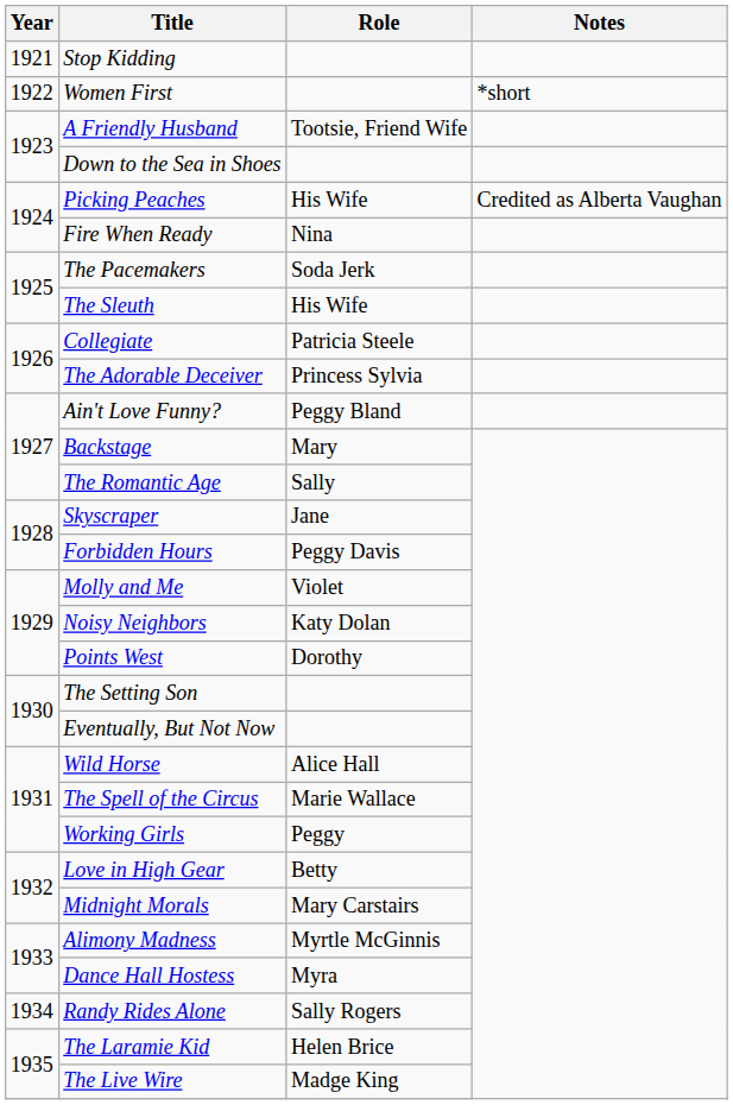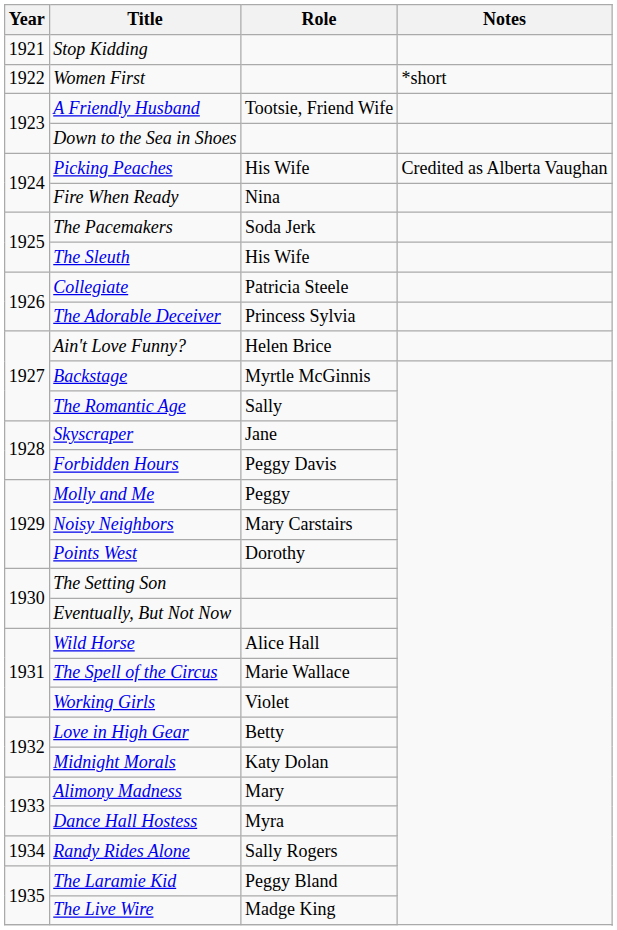 <table class="wikitable" style="font-size: 90%;">
 <tr>
 <th>Year</th>
 <th>Title</th>
 <th>Role</th>
 <th>Notes</th>
 </tr>
 <tr>
 <td>1921</td>
 <td><em>Stop Kidding</em></td>
 <td></td>
 <td></td>
 </tr>
 <tr>
 <td>1922</td>
 <td><em>Women First</em></td>
 <td></td>
 <td>*short</td>
 </tr>
 <tr>
 <td rowspan=2>1923</td>
 <td><em><a href='#'>A Friendly Husband</a></em></td>
 <td>Tootsie, Friend Wife</td>
 <td></td>
 </tr>
 <tr>
 <td><em>Down to the Sea in Shoes</em></td>
 <td></td>
 <td></td>
 </tr>
 <tr>
 <td rowspan=2>1924</td>
 <td><em><a href='#'>Picking Peaches</a></em></td>
 <td>His Wife</td>
 <td>Credited as Alberta Vaughan</td>
 </tr>
 <tr>
 <td><em>Fire When Ready</em></td>
 <td>Nina</td>
 <td></td>
 </tr>
 <tr>
 <td rowspan=2>1925</td>
 <td><em>The Pacemakers</em></td>
 <td>Soda Jerk</td>
 <td></td>
 </tr>
 <tr>
 <td><em><a href='#'>The Sleuth</a></em></td>
 <td>His Wife</td>
 <td></td>
 </tr>
 <tr>
 <td rowspan=2>1926</td>
 <td><em><a href='#'>Collegiate</a></em></td>
 <td>Patricia Steele</td>
 <td></td>
 </tr>
 <tr>
 <td><em><a href='#'>The Adorable Deceiver</a></em></td>
 <td>Princess Sylvia</td>
 <td></td>
 </tr>
 <tr>
 <td rowspan=3>1927</td>
 <td><em>Ain't Love Funny?</em></td>
-<td>Peggy Bland</td>
+<td>Helen Brice</td>
 <td></td>
 </tr>
 <tr>
 <td><em><a href='#'>Backstage</a></em></td>
-<td>Mary</td>
+<td>Myrtle McGinnis</td>
 </tr>
 <tr>
 <td><em><a href='#'>The Romantic Age</a></em></td>
 <td>Sally</td>
 </tr>
 <tr>
 <td rowspan=2>1928</td>
 <td><em><a href='#'>Skyscraper</a></em></td>
 <td>Jane</td>
 </tr>
 <tr>
 <td><em><a href='#'>Forbidden Hours</a></em></td>
 <td>Peggy Davis</td>
 </tr>
 <tr>
 <td rowspan=3>1929</td>
 <td><em><a href='#'>Molly and Me</a></em></td>
-<td>Violet</td>
+<td>Peggy</td>
 </tr>
 <tr>
 <td><em><a href='#'>Noisy Neighbors</a></em></td>
-<td>Katy Dolan</td>
+<td>Mary Carstairs</td>
 </tr>
 <tr>
 <td><em><a href='#'>Points West</a></em></td>
 <td>Dorothy</td>
 </tr>
 <tr>
 <td rowspan=2>1930</td>
 <td><em>The Setting Son</em></td>
 <td></td>
 </tr>
 <tr>
 <td><em>Eventually, But Not Now</em></td>
 <td></td>
 </tr>
 <tr>
 <td rowspan=3>1931</td>
 <td><em><a href='#'>Wild Horse</a></em></td>
 <td>Alice Hall</td>
 </tr>
 <tr>
 <td><em><a href='#'>The Spell of the Circus</a></em></td>
 <td>Marie Wallace</td>
 </tr>
 <tr>
 <td><em><a href='#'>Working Girls</a></em></td>
-<td>Peggy</td>
+<td>Violet</td>
 </tr>
 <tr>
 <td rowspan=2>1932</td>
 <td><em><a href='#'>Love in High Gear</a></em></td>
 <td>Betty</td>
 </tr>
 <tr>
 <td><em><a href='#'>Midnight Morals</a></em></td>
-<td>Mary Carstairs</td>
+<td>Katy Dolan</td>
 </tr>
 <tr>
 <td rowspan=2>1933</td>
 <td><em><a href='#'>Alimony Madness</a></em></td>
-<td>Myrtle McGinnis</td>
+<td>Mary</td>
 </tr>
 <tr>
 <td><em><a href='#'>Dance Hall Hostess</a></em></td>
 <td>Myra</td>
 </tr>
 <tr>
 <td>1934</td>
 <td><em><a href='#'>Randy Rides Alone</a></em></td>
 <td>Sally Rogers</td>
 </tr>
 <tr>
 <td rowspan=2>1935</td>
 <td><em><a href='#'>The Laramie Kid</a></em></td>
-<td>Helen Brice</td>
+<td>Peggy Bland</td>
 </tr>
 <tr>
 <td><em><a href='#'>The Live Wire</a></em></td>
 <td>Madge King</td>
 </tr>
 <tr>
 </tr>
 </table>
